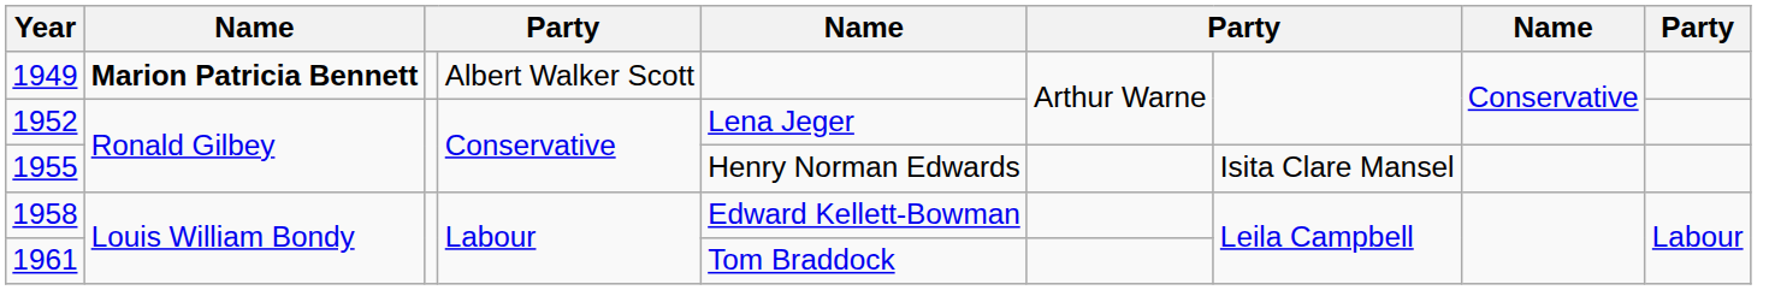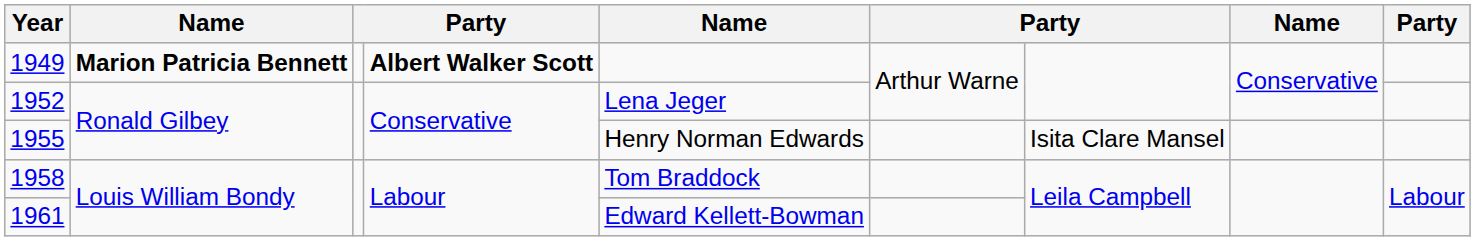 <table class="wikitable">
 <tr>
 <th>Year</th>
 <th>Name</th>
 <th colspan=2>Party</th>
 <th>Name</th>
 <th colspan=2>Party</th>
 <th>Name</th>
 <th colspan=2>Party</th>
 </tr>
 <tr>
 <td><a href='#'>1949</a></td>
 <td><strong>Marion Patricia Bennett</strong></td>
 <td></td>
-<td>Albert Walker Scott</td>
+<td><strong>Albert Walker Scott</strong></td>
 <td></td>
 <td rowspan=2>Arthur Warne</td>
 <td rowspan=2 style="background-color: "></td>
 <td rowspan=2><a href='#'>Conservative</a></td>
 </tr>
 <tr>
 <td><a href='#'>1952</a></td>
 <td rowspan=2><a href='#'>Ronald Gilbey</a></td>
 <td rowspan=2 style="background-color: "></td>
 <td rowspan=2><a href='#'>Conservative</a></td>
 <td><a href='#'>Lena Jeger</a></td>
 <td></td>
 </tr>
 <tr>
 <td><a href='#'>1955</a></td>
 <td>Henry Norman Edwards</td>
 <td></td>
 <td>Isita Clare Mansel</td>
 <td></td>
 </tr>
 <tr>
 <td><a href='#'>1958</a></td>
 <td rowspan=2><a href='#'>Louis William Bondy</a></td>
 <td rowspan=2 style="background-color: "></td>
 <td rowspan=2><a href='#'>Labour</a></td>
-<td><a href='#'>Edward Kellett-Bowman</a></td>
+<td><a href='#'>Tom Braddock</a></td>
 <td></td>
 <td rowspan=2><a href='#'>Leila Campbell</a></td>
 <td rowspan=2 style="background-color: "></td>
 <td rowspan=2><a href='#'>Labour</a></td>
 </tr>
 <tr>
 <td><a href='#'>1961</a></td>
-<td><a href='#'>Tom Braddock</a></td>
+<td><a href='#'>Edward Kellett-Bowman</a></td>
 <td></td>
 </tr>
 </table>
